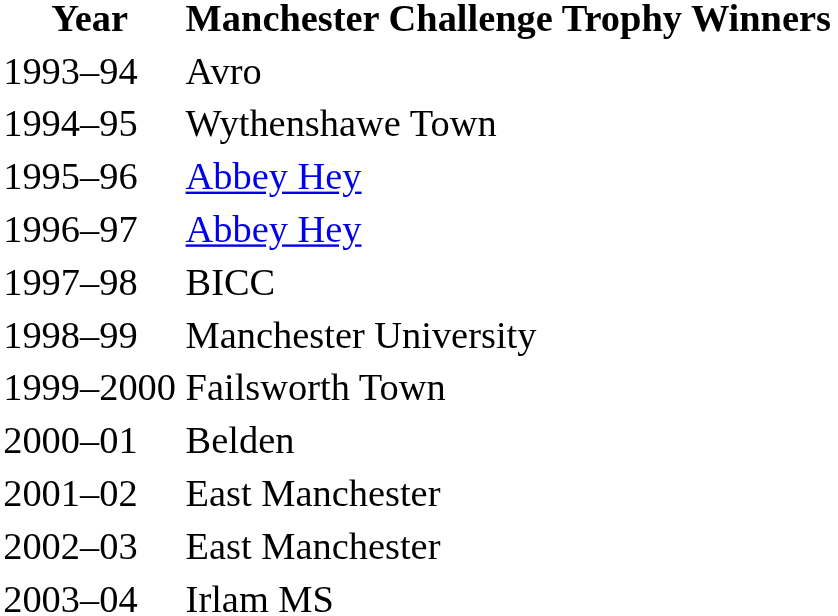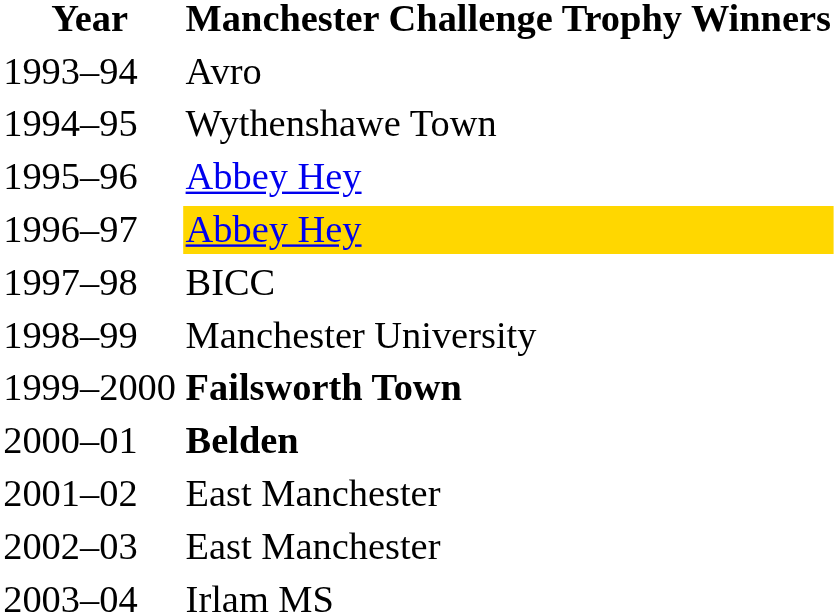 <table>
 <tr>
 <th>Year</th>
 <th>Manchester Challenge Trophy Winners</th>
 </tr>
 <tr>
 <td>1993–94</td>
 <td>Avro</td>
 </tr>
 <tr>
 <td>1994–95</td>
 <td>Wythenshawe Town</td>
 </tr>
 <tr>
 <td>1995–96</td>
 <td><a href='#'>Abbey Hey</a></td>
 </tr>
 <tr>
 <td>1996–97</td>
-<td><a href='#'>Abbey Hey</a></td>
+<td style="background: gold;"><a href='#'>Abbey Hey</a></td>
 </tr>
 <tr>
 <td>1997–98</td>
 <td>BICC</td>
 </tr>
 <tr>
 <td>1998–99</td>
 <td>Manchester University</td>
 </tr>
 <tr>
 <td>1999–2000</td>
-<td>Failsworth Town</td>
+<td><strong>Failsworth Town</strong></td>
 </tr>
 <tr>
 <td>2000–01</td>
-<td>Belden</td>
+<td><strong>Belden</strong></td>
 </tr>
 <tr>
 <td>2001–02</td>
 <td>East Manchester</td>
 </tr>
 <tr>
 <td>2002–03</td>
 <td>East Manchester</td>
 </tr>
 <tr>
 <td>2003–04</td>
 <td>Irlam MS</td>
 </tr>
 </table>
